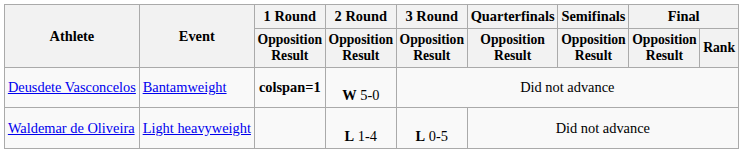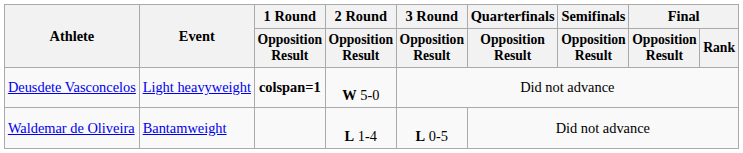 <table class="wikitable" style="font-size:90%">
 <tr>
 <th rowspan="2">Athlete</th>
 <th rowspan="2">Event</th>
 <th>1 Round</th>
 <th>2 Round</th>
 <th>3 Round</th>
 <th>Quarterfinals</th>
 <th>Semifinals</th>
 <th colspan="2">Final</th>
 </tr>
 <tr style="font-size:95%">
 <th>Opposition<br>Result</th>
 <th>Opposition<br>Result</th>
 <th>Opposition<br>Result</th>
 <th>Opposition<br>Result</th>
 <th>Opposition<br>Result</th>
 <th>Opposition<br>Result</th>
 <th>Rank</th>
 </tr>
 <tr align=center>
 <td align=left><a href='#'>Deusdete Vasconcelos</a></td>
-<td align=left><a href='#'>Bantamweight</a></td>
+<td align=left><a href='#'>Light heavyweight</a></td>
 <td><strong>colspan=1 </strong></td>
 <td><br><strong>W</strong> 5-0</td>
 <td colspan=5>Did not advance</td>
 </tr>
 <tr align=center>
 <td align=left><a href='#'>Waldemar de Oliveira</a></td>
-<td align=left><a href='#'>Light heavyweight</a></td>
+<td align=left><a href='#'>Bantamweight</a></td>
 <td></td>
 <td><br><strong>L</strong> 1-4</td>
 <td><br><strong>L</strong> 0-5</td>
 <td colspan=4>Did not advance</td>
 </tr>
 </table>
